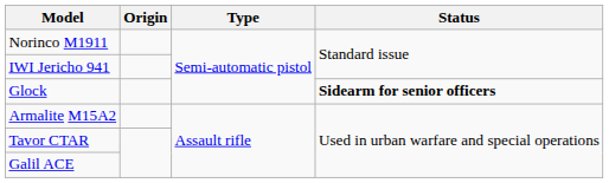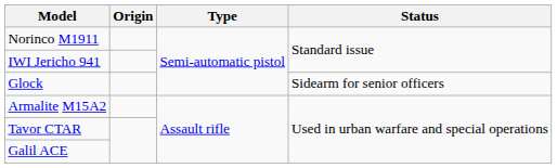 <table class="wikitable">
 <tr>
 <th>Model</th>
 <th>Origin</th>
 <th>Type</th>
 <th>Status</th>
 </tr>
 <tr>
 <td>Norinco <a href='#'>M1911</a></td>
 <td></td>
 <td rowspan="3"><a href='#'>Semi-automatic pistol</a></td>
 <td rowspan="2">Standard issue</td>
 </tr>
 <tr>
 <td><a href='#'>IWI Jericho 941</a></td>
 <td></td>
 </tr>
 <tr>
 <td><a href='#'>Glock</a></td>
 <td></td>
-<td><strong>Sidearm for senior officers</strong></td>
+<td>Sidearm for senior officers</td>
 </tr>
 <tr>
 <td><a href='#'>Armalite</a> <a href='#'>M15A2</a></td>
 <td></td>
 <td rowspan="3"><a href='#'>Assault rifle</a></td>
 <td rowspan="3">Used in urban warfare and special operations</td>
 </tr>
 <tr>
 <td><a href='#'>Tavor CTAR</a></td>
 <td rowspan="2"></td>
 </tr>
 <tr>
 <td><a href='#'>Galil ACE</a></td>
 </tr>
 </table>
